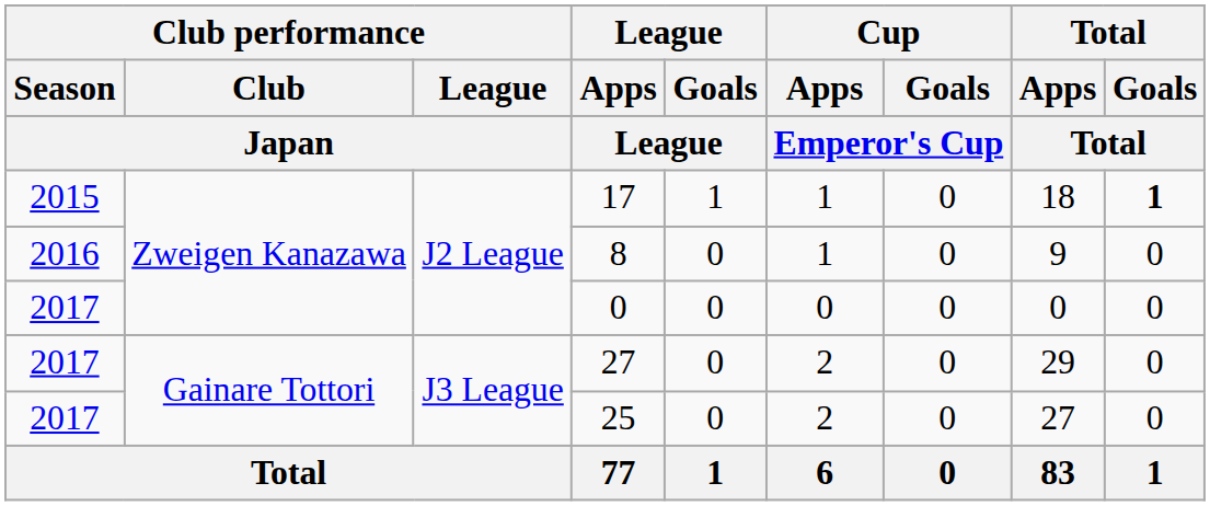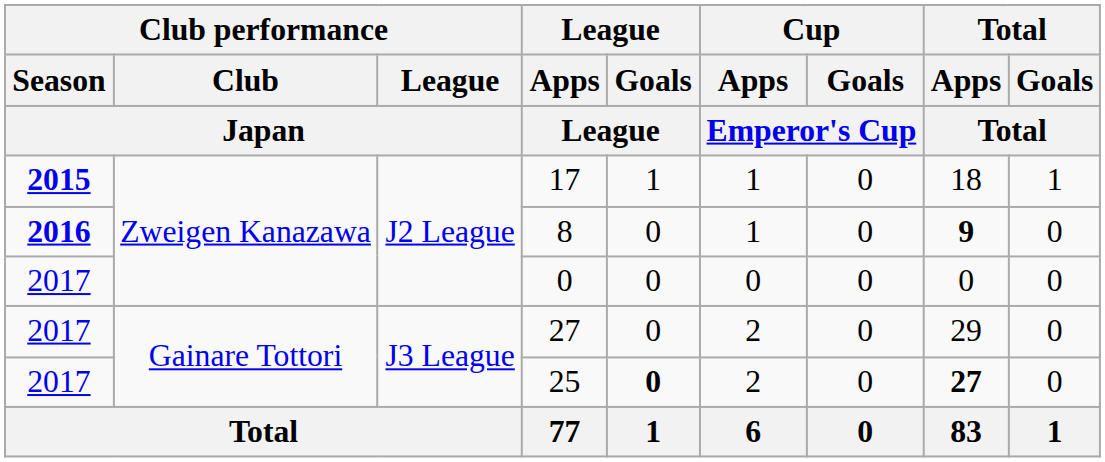 <table class="wikitable" style="text-align:center;">
 <tr>
 <th colspan=3>Club performance</th>
 <th colspan=2>League</th>
 <th colspan=2>Cup</th>
 <th colspan=2>Total</th>
 </tr>
 <tr>
 <th>Season</th>
 <th>Club</th>
 <th>League</th>
 <th>Apps</th>
 <th>Goals</th>
 <th>Apps</th>
 <th>Goals</th>
 <th>Apps</th>
 <th>Goals</th>
 </tr>
 <tr>
 <th colspan=3>Japan</th>
 <th colspan=2>League</th>
 <th colspan=2><a href='#'>Emperor's Cup</a></th>
 <th colspan=2>Total</th>
 </tr>
 <tr>
-<td><a href='#'>2015</a></td>
+<td><strong><a href='#'>2015</a></strong></td>
 <td rowspan="3"><a href='#'>Zweigen Kanazawa</a></td>
 <td rowspan="3"><a href='#'>J2 League</a></td>
 <td>17</td>
 <td>1</td>
 <td>1</td>
 <td>0</td>
 <td>18</td>
-<td><strong>1</strong></td>
+<td>1</td>
 </tr>
 <tr>
-<td><a href='#'>2016</a></td>
+<td><strong><a href='#'>2016</a></strong></td>
 <td>8</td>
 <td>0</td>
 <td>1</td>
 <td>0</td>
-<td>9</td>
+<td><strong>9</strong></td>
 <td>0</td>
 </tr>
 <tr>
 <td><a href='#'>2017</a></td>
 <td>0</td>
 <td>0</td>
 <td>0</td>
 <td>0</td>
 <td>0</td>
 <td>0</td>
 </tr>
 <tr>
 <td><a href='#'>2017</a></td>
 <td rowspan="2"><a href='#'>Gainare Tottori</a></td>
 <td rowspan="2"><a href='#'>J3 League</a></td>
 <td>27</td>
 <td>0</td>
 <td>2</td>
 <td>0</td>
 <td>29</td>
 <td>0</td>
 </tr>
 <tr>
 <td><a href='#'>2017</a></td>
 <td>25</td>
-<td>0</td>
+<td><strong>0</strong></td>
 <td>2</td>
 <td>0</td>
-<td>27</td>
+<td><strong>27</strong></td>
 <td>0</td>
 </tr>
 <tr>
 <th colspan=3>Total</th>
 <th>77</th>
 <th>1</th>
 <th>6</th>
 <th>0</th>
 <th>83</th>
 <th>1</th>
 </tr>
 </table>
